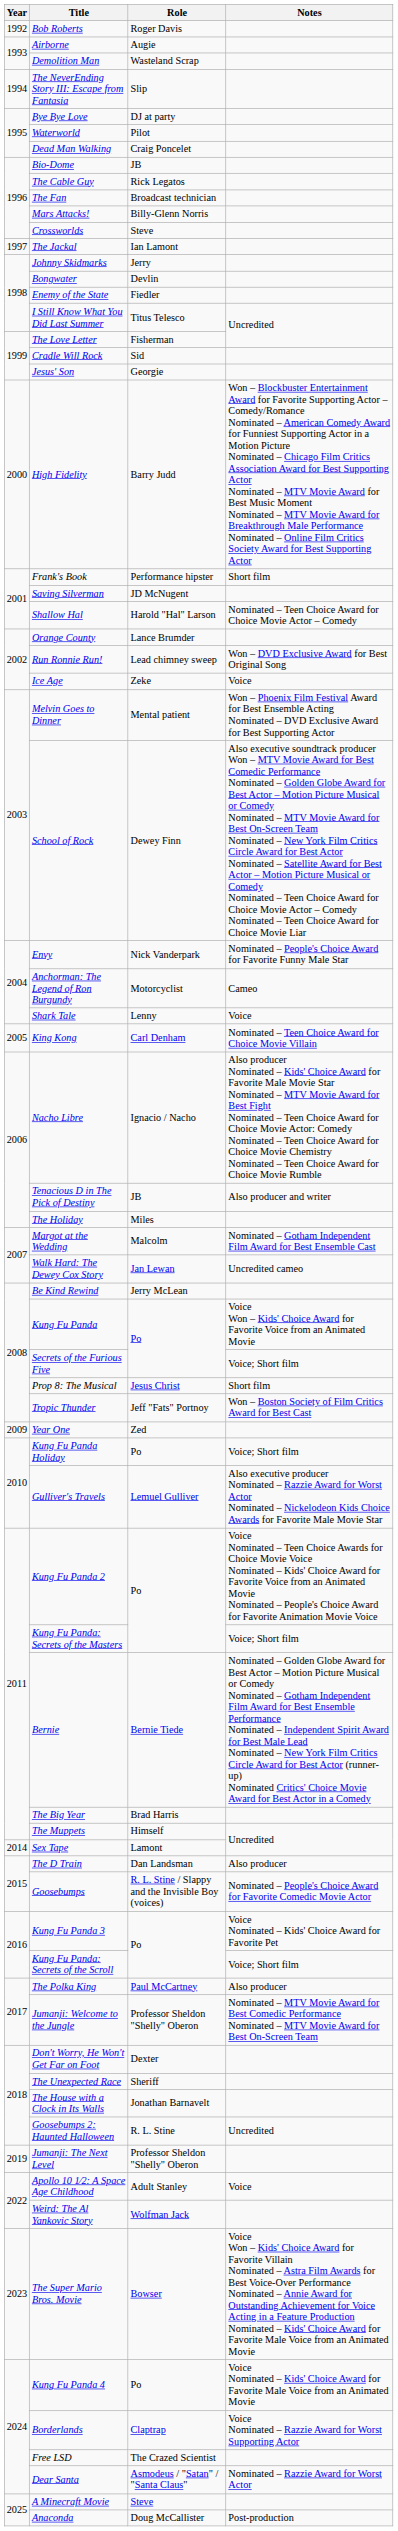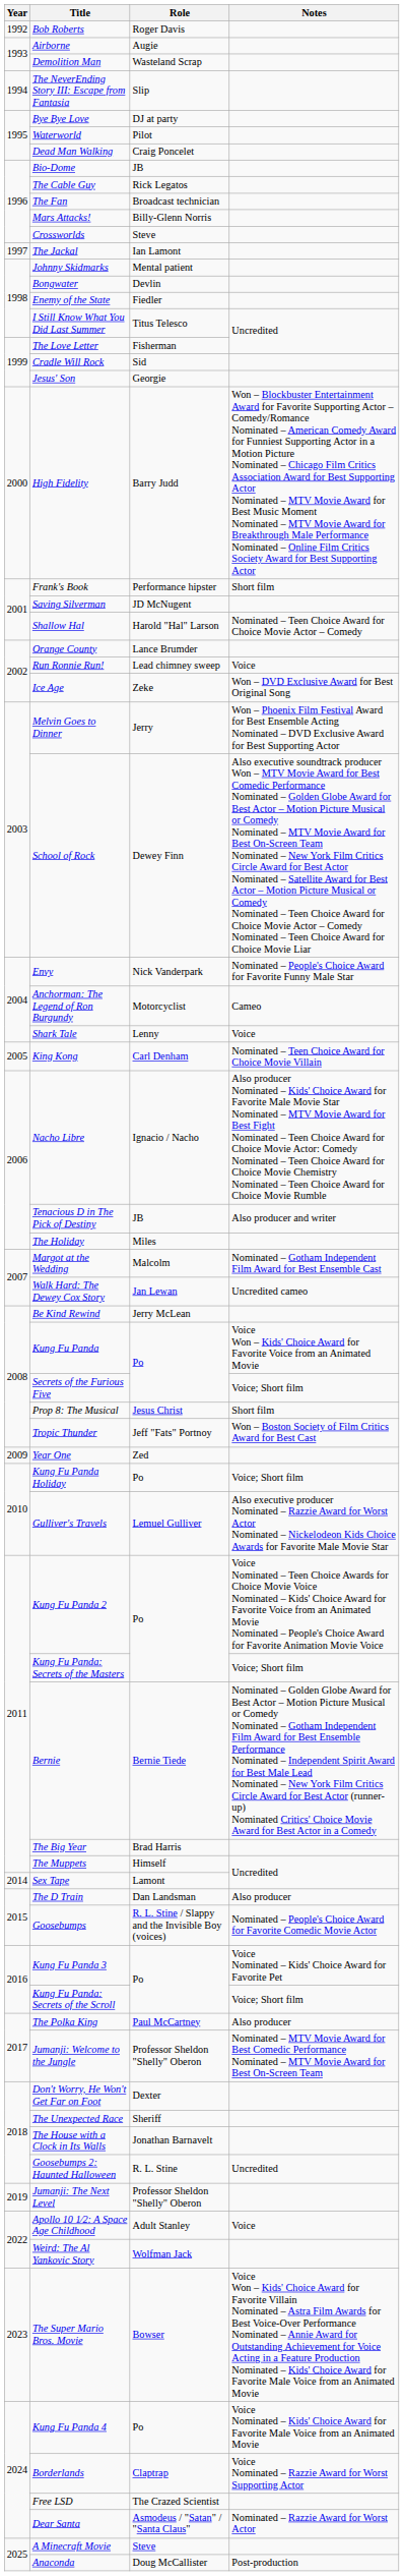 <table class="wikitable sortable">
 <tr>
 <th>Year</th>
 <th>Title</th>
 <th>Role</th>
 <th>Notes</th>
 </tr>
 <tr>
 <td>1992</td>
 <td><em><a href='#'>Bob Roberts</a></em></td>
 <td>Roger Davis</td>
 <td></td>
 </tr>
 <tr>
 <td rowspan="2">1993</td>
 <td><em><a href='#'>Airborne</a></em></td>
 <td>Augie</td>
 <td></td>
 </tr>
 <tr>
 <td><em><a href='#'>Demolition Man</a></em></td>
 <td>Wasteland Scrap</td>
 <td></td>
 </tr>
 <tr>
 <td>1994</td>
 <td><em><a href='#'>The NeverEnding Story III: Escape from Fantasia</a></em></td>
 <td>Slip</td>
 <td></td>
 </tr>
 <tr>
 <td rowspan="3">1995</td>
 <td><em><a href='#'>Bye Bye Love</a></em></td>
 <td>DJ at party</td>
 <td></td>
 </tr>
 <tr>
 <td><em><a href='#'>Waterworld</a></em></td>
 <td>Pilot</td>
 <td></td>
 </tr>
 <tr>
 <td><em><a href='#'>Dead Man Walking</a></em></td>
 <td>Craig Poncelet</td>
 <td></td>
 </tr>
 <tr>
 <td rowspan="5">1996</td>
 <td><em><a href='#'>Bio-Dome</a></em></td>
 <td>JB</td>
 <td></td>
 </tr>
 <tr>
 <td><em><a href='#'>The Cable Guy</a></em></td>
 <td>Rick Legatos</td>
 <td></td>
 </tr>
 <tr>
 <td><em><a href='#'>The Fan</a></em></td>
 <td>Broadcast technician</td>
 <td></td>
 </tr>
 <tr>
 <td><em><a href='#'>Mars Attacks!</a></em></td>
 <td>Billy-Glenn Norris</td>
 <td></td>
 </tr>
 <tr>
 <td><em><a href='#'>Crossworlds</a></em></td>
 <td>Steve</td>
 <td></td>
 </tr>
 <tr>
 <td>1997</td>
 <td><em><a href='#'>The Jackal</a></em></td>
 <td>Ian Lamont</td>
 <td></td>
 </tr>
 <tr>
 <td rowspan="4">1998</td>
 <td><em><a href='#'>Johnny Skidmarks</a></em></td>
-<td>Jerry</td>
+<td>Mental patient</td>
 <td></td>
 </tr>
 <tr>
 <td><em><a href='#'>Bongwater</a></em></td>
 <td>Devlin</td>
 <td></td>
 </tr>
 <tr>
 <td><em><a href='#'>Enemy of the State</a></em></td>
 <td>Fiedler</td>
 <td></td>
 </tr>
 <tr>
 <td><em><a href='#'>I Still Know What You Did Last Summer</a></em></td>
 <td>Titus Telesco</td>
 <td rowspan = "2">Uncredited</td>
 </tr>
 <tr>
 <td rowspan="3">1999</td>
 <td><em><a href='#'>The Love Letter</a></em></td>
 <td>Fisherman</td>
 </tr>
 <tr>
 <td><em><a href='#'>Cradle Will Rock</a></em></td>
 <td>Sid</td>
 <td></td>
 </tr>
 <tr>
 <td><em><a href='#'>Jesus' Son</a></em></td>
 <td>Georgie</td>
 <td></td>
 </tr>
 <tr>
 <td>2000</td>
 <td><em><a href='#'>High Fidelity</a></em></td>
 <td>Barry Judd</td>
 <td>Won – <a href='#'>Blockbuster Entertainment Award</a> for Favorite Supporting Actor – Comedy/Romance<br>Nominated – <a href='#'>American Comedy Award</a> for Funniest Supporting Actor in a Motion Picture<br>Nominated – <a href='#'>Chicago Film Critics Association Award for Best Supporting Actor</a><br>Nominated – <a href='#'>MTV Movie Award</a> for Best Music Moment<br>Nominated – <a href='#'>MTV Movie Award for Breakthrough Male Performance</a><br>Nominated – <a href='#'>Online Film Critics Society Award for Best Supporting Actor</a></td>
 </tr>
 <tr>
 <td rowspan="3">2001</td>
 <td><em>Frank's Book</em></td>
 <td>Performance hipster</td>
 <td>Short film</td>
 </tr>
 <tr>
 <td><em><a href='#'>Saving Silverman</a></em></td>
 <td>JD McNugent</td>
 <td></td>
 </tr>
 <tr>
 <td><em><a href='#'>Shallow Hal</a></em></td>
 <td>Harold "Hal" Larson</td>
 <td>Nominated – Teen Choice Award for Choice Movie Actor – Comedy</td>
 </tr>
 <tr>
 <td rowspan="3">2002</td>
 <td><em><a href='#'>Orange County</a></em></td>
 <td>Lance Brumder</td>
 <td></td>
 </tr>
 <tr>
 <td><em><a href='#'>Run Ronnie Run!</a></em></td>
 <td>Lead chimney sweep</td>
-<td>Won – <a href='#'>DVD Exclusive Award</a> for Best Original Song</td>
+<td>Voice</td>
 </tr>
 <tr>
 <td><em><a href='#'>Ice Age</a></em></td>
 <td>Zeke</td>
-<td>Voice</td>
+<td>Won – <a href='#'>DVD Exclusive Award</a> for Best Original Song</td>
 </tr>
 <tr>
 <td rowspan="2">2003</td>
 <td><em><a href='#'>Melvin Goes to Dinner</a></em></td>
-<td>Mental patient</td>
+<td>Jerry</td>
 <td>Won – <a href='#'>Phoenix Film Festival</a> Award for Best Ensemble Acting<br>Nominated – DVD Exclusive Award for Best Supporting Actor</td>
 </tr>
 <tr>
 <td><em><a href='#'>School of Rock</a></em></td>
 <td>Dewey Finn</td>
 <td>Also executive soundtrack producer<br>Won – <a href='#'>MTV Movie Award for Best Comedic Performance</a><br>Nominated – <a href='#'>Golden Globe Award for Best Actor – Motion Picture Musical or Comedy</a><br>Nominated – <a href='#'>MTV Movie Award for Best On-Screen Team</a><br>Nominated – <a href='#'>New York Film Critics Circle Award for Best Actor</a> <br>Nominated – <a href='#'>Satellite Award for Best Actor – Motion Picture Musical or Comedy</a><br>Nominated – Teen Choice Award for Choice Movie Actor – Comedy<br>Nominated – Teen Choice Award  for Choice Movie Liar</td>
 </tr>
 <tr>
 <td rowspan="3">2004</td>
 <td><em><a href='#'>Envy</a></em></td>
 <td>Nick Vanderpark</td>
 <td>Nominated – <a href='#'>People's Choice Award</a> for Favorite Funny Male Star</td>
 </tr>
 <tr>
 <td><em><a href='#'>Anchorman: The Legend of Ron Burgundy</a></em></td>
 <td>Motorcyclist</td>
 <td>Cameo</td>
 </tr>
 <tr>
 <td><em><a href='#'>Shark Tale</a></em></td>
 <td>Lenny</td>
 <td>Voice</td>
 </tr>
 <tr>
 <td>2005</td>
 <td><em><a href='#'>King Kong</a></em></td>
 <td><a href='#'>Carl Denham</a></td>
 <td>Nominated – <a href='#'>Teen Choice Award for Choice Movie Villain</a></td>
 </tr>
 <tr>
 <td rowspan="3">2006</td>
 <td><em><a href='#'>Nacho Libre</a></em></td>
 <td>Ignacio / Nacho</td>
 <td>Also producer<br>Nominated – <a href='#'>Kids' Choice Award</a> for Favorite Male Movie Star<br>Nominated – <a href='#'>MTV Movie Award for Best Fight</a><br>Nominated – Teen Choice Award for Choice Movie Actor: Comedy<br>Nominated – Teen Choice Award for Choice Movie Chemistry<br>Nominated – Teen Choice Award for Choice Movie Rumble</td>
 </tr>
 <tr>
 <td><em><a href='#'>Tenacious D in The Pick of Destiny</a></em></td>
 <td>JB</td>
 <td>Also producer and writer</td>
 </tr>
 <tr>
 <td><em><a href='#'>The Holiday</a></em></td>
 <td>Miles</td>
 <td></td>
 </tr>
 <tr>
 <td rowspan="2">2007</td>
 <td><em><a href='#'>Margot at the Wedding</a></em></td>
 <td>Malcolm</td>
 <td>Nominated – <a href='#'>Gotham Independent Film Award for Best Ensemble Cast</a></td>
 </tr>
 <tr>
 <td><em><a href='#'>Walk Hard: The Dewey Cox Story</a></em></td>
 <td><a href='#'>Jan Lewan</a></td>
 <td>Uncredited cameo</td>
 </tr>
 <tr>
 <td rowspan="5">2008</td>
 <td><em><a href='#'>Be Kind Rewind</a></em></td>
 <td>Jerry McLean</td>
 <td></td>
 </tr>
 <tr>
 <td><em><a href='#'>Kung Fu Panda</a></em></td>
 <td rowspan = "2"><a href='#'>Po</a></td>
 <td>Voice<br> Won – <a href='#'>Kids' Choice Award</a> for Favorite Voice from an Animated Movie</td>
 </tr>
 <tr>
 <td><em><a href='#'>Secrets of the Furious Five</a></em></td>
 <td>Voice; Short film</td>
 </tr>
 <tr>
 <td><em>Prop 8: The Musical</em></td>
 <td><a href='#'>Jesus Christ</a></td>
 <td>Short film</td>
 </tr>
 <tr>
 <td><em><a href='#'>Tropic Thunder</a></em></td>
 <td>Jeff "Fats" Portnoy</td>
 <td>Won – <a href='#'>Boston Society of Film Critics Award for Best Cast</a></td>
 </tr>
 <tr>
 <td>2009</td>
 <td><em><a href='#'>Year One</a></em></td>
 <td>Zed</td>
 <td></td>
 </tr>
 <tr>
 <td rowspan="2">2010</td>
 <td><em><a href='#'>Kung Fu Panda Holiday</a></em></td>
 <td>Po</td>
 <td>Voice; Short film</td>
 </tr>
 <tr>
 <td><em><a href='#'>Gulliver's Travels</a></em></td>
 <td><a href='#'>Lemuel Gulliver</a></td>
 <td>Also executive producer<br>Nominated – <a href='#'>Razzie Award for Worst Actor</a><br>Nominated – <a href='#'>Nickelodeon Kids Choice Awards</a> for Favorite Male Movie Star</td>
 </tr>
 <tr>
 <td rowspan="5">2011</td>
 <td><em><a href='#'>Kung Fu Panda 2</a></em></td>
 <td rowspan="2">Po</td>
 <td>Voice<br>Nominated – Teen Choice Awards for Choice Movie Voice<br>Nominated – Kids' Choice Award for Favorite Voice from an Animated Movie<br>Nominated – People's Choice Award for Favorite Animation Movie Voice</td>
 </tr>
 <tr>
 <td><em><a href='#'>Kung Fu Panda: Secrets of the Masters</a></em></td>
 <td>Voice; Short film</td>
 </tr>
 <tr>
 <td><em><a href='#'>Bernie</a></em></td>
 <td><a href='#'>Bernie Tiede</a></td>
 <td>Nominated – Golden Globe Award for Best Actor – Motion Picture Musical or Comedy<br> Nominated – <a href='#'>Gotham Independent Film Award for Best Ensemble Performance</a><br>Nominated – <a href='#'>Independent Spirit Award for Best Male Lead</a><br>Nominated – <a href='#'>New York Film Critics Circle Award for Best Actor</a> (runner-up) <br>Nominated <a href='#'>Critics' Choice Movie Award for Best Actor in a Comedy</a></td>
 </tr>
 <tr>
 <td><em><a href='#'>The Big Year</a></em></td>
 <td>Brad Harris</td>
 <td></td>
 </tr>
 <tr>
 <td><em><a href='#'>The Muppets</a></em></td>
 <td>Himself</td>
 <td rowspan = "2">Uncredited</td>
 </tr>
 <tr>
 <td>2014</td>
 <td><em><a href='#'>Sex Tape</a></em></td>
 <td>Lamont</td>
 </tr>
 <tr>
 <td rowspan="2">2015</td>
 <td><em><a href='#'>The D Train</a></em></td>
 <td>Dan Landsman</td>
 <td>Also producer</td>
 </tr>
 <tr>
 <td><em><a href='#'>Goosebumps</a></em></td>
 <td><a href='#'>R. L. Stine</a> / Slappy and the Invisible Boy (voices)</td>
 <td>Nominated – <a href='#'>People's Choice Award for Favorite Comedic Movie Actor</a></td>
 </tr>
 <tr>
 <td rowspan="2">2016</td>
 <td><em><a href='#'>Kung Fu Panda 3</a></em></td>
 <td rowspan="2">Po</td>
 <td>Voice<br>Nominated – Kids' Choice Award for Favorite Pet</td>
 </tr>
 <tr>
 <td><em><a href='#'>Kung Fu Panda: Secrets of the Scroll</a></em></td>
 <td>Voice; Short film</td>
 </tr>
 <tr>
 <td rowspan="2">2017</td>
 <td><em><a href='#'>The Polka King</a></em></td>
 <td><a href='#'>Paul McCartney</a></td>
 <td>Also producer</td>
 </tr>
 <tr>
 <td><em><a href='#'>Jumanji: Welcome to the Jungle</a></em></td>
 <td>Professor Sheldon "Shelly" Oberon</td>
 <td>Nominated – <a href='#'>MTV Movie Award for Best Comedic Performance</a><br>Nominated – <a href='#'>MTV Movie Award for Best On-Screen Team</a> </td>
 </tr>
 <tr>
 <td rowspan="4">2018</td>
 <td><em><a href='#'>Don't Worry, He Won't Get Far on Foot</a></em></td>
 <td>Dexter</td>
 <td></td>
 </tr>
 <tr>
 <td><em><a href='#'>The Unexpected Race</a></em></td>
 <td>Sheriff</td>
 <td></td>
 </tr>
 <tr>
 <td><em><a href='#'>The House with a Clock in Its Walls</a></em></td>
 <td>Jonathan Barnavelt</td>
 <td></td>
 </tr>
 <tr>
 <td><em><a href='#'>Goosebumps 2: Haunted Halloween</a></em></td>
 <td>R. L. Stine</td>
 <td>Uncredited</td>
 </tr>
 <tr>
 <td>2019</td>
 <td><em><a href='#'>Jumanji: The Next Level</a></em></td>
 <td>Professor Sheldon "Shelly" Oberon</td>
 <td></td>
 </tr>
 <tr>
 <td rowspan="2">2022</td>
 <td><em><a href='#'>Apollo 10 1⁄2: A Space Age Childhood</a></em></td>
 <td>Adult Stanley</td>
 <td>Voice</td>
 </tr>
 <tr>
 <td><em><a href='#'>Weird: The Al Yankovic Story</a></em></td>
 <td><a href='#'>Wolfman Jack</a></td>
 <td></td>
 </tr>
 <tr>
 <td>2023</td>
 <td><em><a href='#'>The Super Mario Bros. Movie</a></em></td>
 <td><a href='#'>Bowser</a></td>
 <td>Voice<br> Won – <a href='#'>Kids' Choice Award</a> for Favorite Villain<br>Nominated – <a href='#'>Astra Film Awards</a> for Best Voice-Over Performance<br>Nominated – <a href='#'>Annie Award for Outstanding Achievement for Voice Acting in a Feature Production</a><br>Nominated – <a href='#'>Kids' Choice Award</a> for Favorite Male Voice from an Animated Movie</td>
 </tr>
 <tr>
 <td rowspan="4">2024</td>
 <td><em><a href='#'>Kung Fu Panda 4</a></em></td>
 <td>Po</td>
 <td>Voice<br>Nominated – <a href='#'>Kids' Choice Award</a> for Favorite Male Voice from an Animated Movie</td>
 </tr>
 <tr>
 <td><em><a href='#'>Borderlands</a></em></td>
 <td><a href='#'>Claptrap</a></td>
 <td>Voice<br>Nominated – <a href='#'>Razzie Award for Worst Supporting Actor</a></td>
 </tr>
 <tr>
 <td><em>Free LSD</em></td>
 <td>The Crazed Scientist</td>
 <td></td>
 </tr>
 <tr>
 <td><em><a href='#'>Dear Santa</a></em></td>
 <td><a href='#'>Asmodeus</a> / "<a href='#'>Satan</a>" / "<a href='#'>Santa Claus</a>"</td>
 <td>Nominated – <a href='#'>Razzie Award for Worst Actor</a></td>
 </tr>
 <tr>
 <td rowspan="2">2025</td>
 <td><em><a href='#'>A Minecraft Movie</a></em></td>
 <td><a href='#'>Steve</a></td>
 <td></td>
 </tr>
 <tr>
 <td><em><a href='#'>Anaconda</a></em></td>
 <td>Doug McCallister</td>
 <td>Post-production</td>
 </tr>
 </table>
